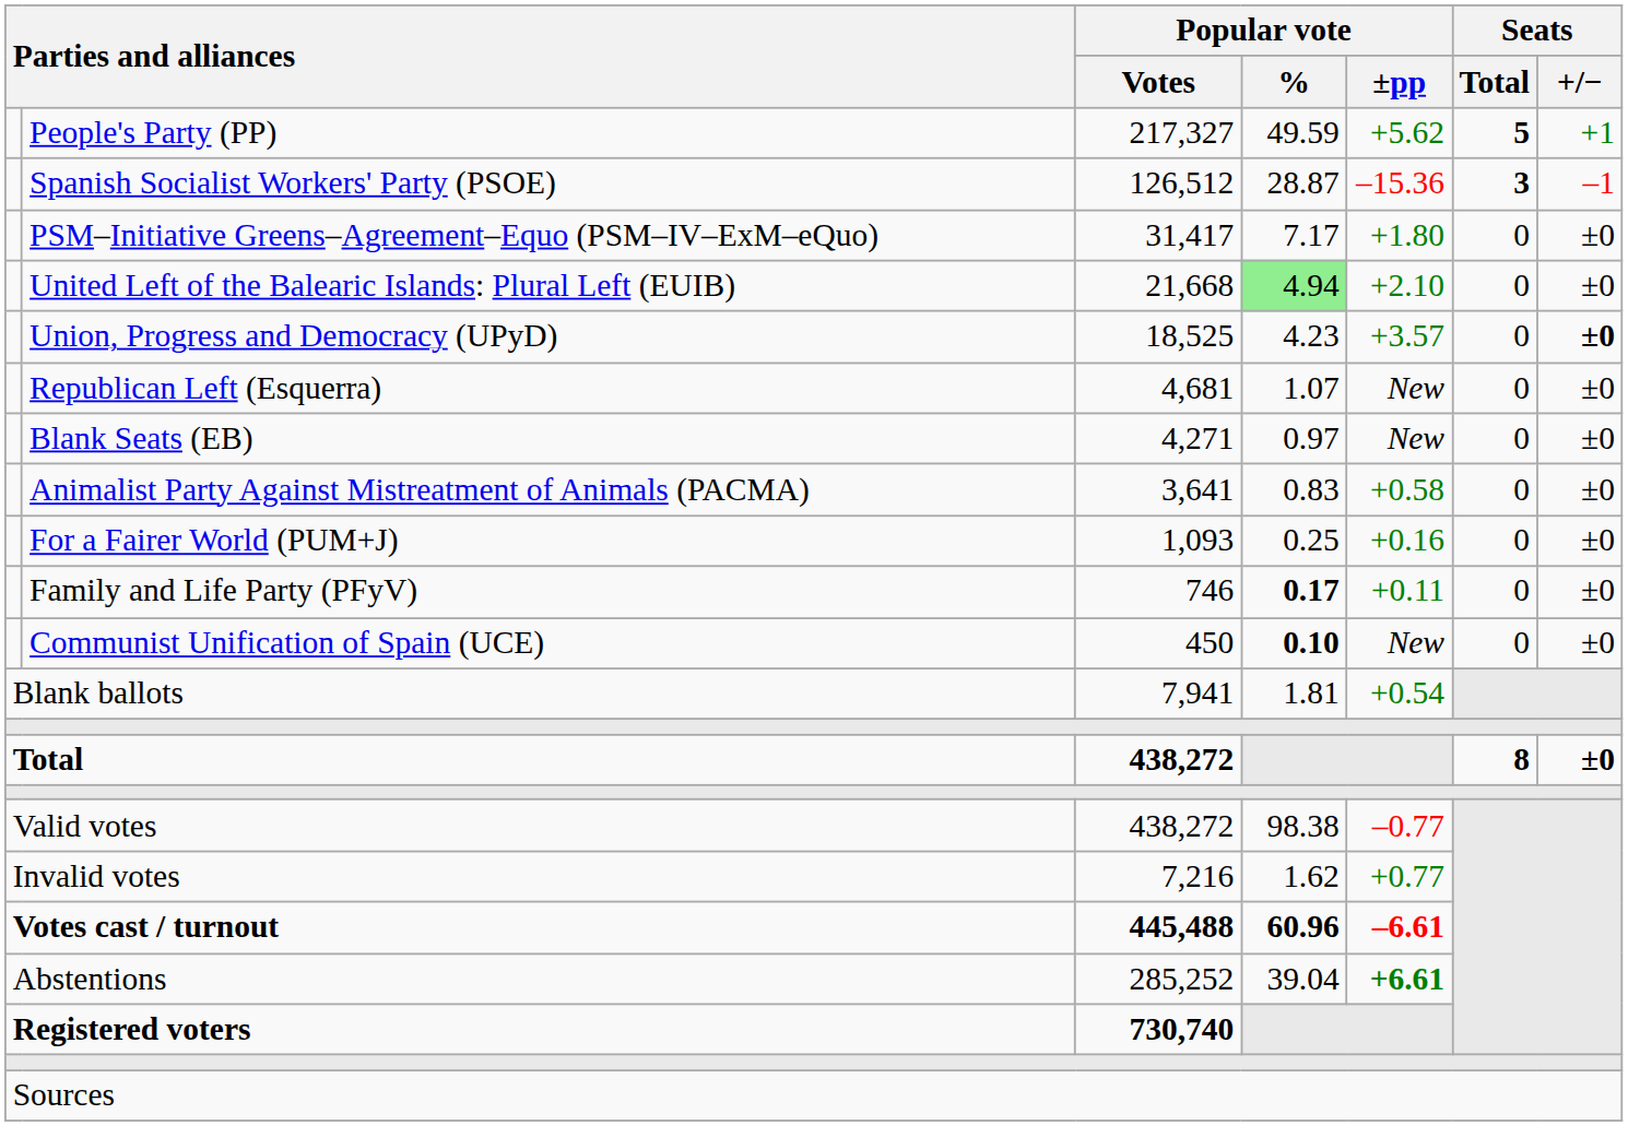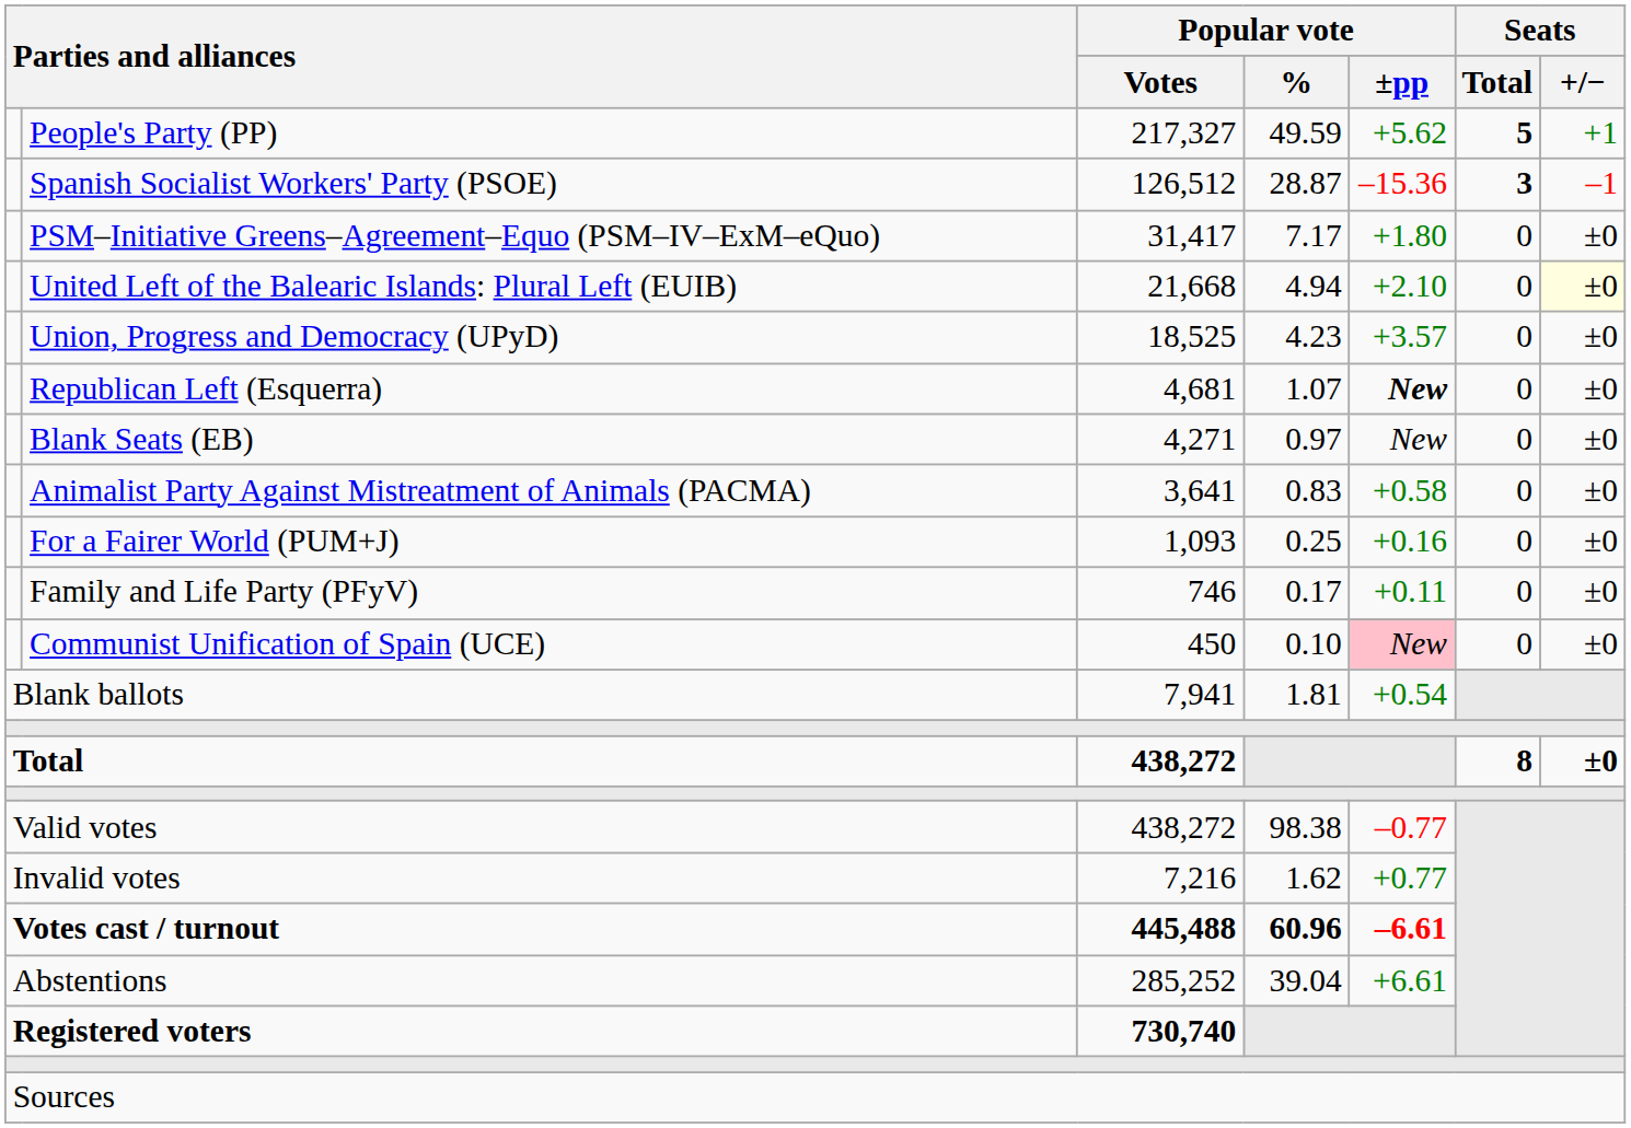 <table class="wikitable" style="text-align:right;">
 <tr>
 <th style="text-align:left;" rowspan="2" colspan="2" width="525">Parties and alliances</th>
 <th colspan="3">Popular vote</th>
 <th colspan="2">Seats</th>
 </tr>
 <tr>
 <th width="75">Votes</th>
 <th width="45">%</th>
 <th width="45">±<a href='#'>pp</a></th>
 <th width="35">Total</th>
 <th width="35">+/−</th>
 </tr>
 <tr>
 <td width="1" style="color:inherit;background:"></td>
 <td align="left"><a href='#'>People's Party</a> (PP)</td>
 <td>217,327</td>
 <td>49.59</td>
 <td style="color:green;">+5.62</td>
 <td><strong>5</strong></td>
 <td style="color:green;">+1</td>
 </tr>
 <tr>
 <td style="color:inherit;background:"></td>
 <td align="left"><a href='#'>Spanish Socialist Workers' Party</a> (PSOE)</td>
 <td>126,512</td>
 <td>28.87</td>
 <td style="color:red;">–15.36</td>
 <td><strong>3</strong></td>
 <td style="color:red;">–1</td>
 </tr>
 <tr>
 <td style="color:inherit;background:"></td>
 <td align="left"><a href='#'>PSM</a>–<a href='#'>Initiative Greens</a>–<a href='#'>Agreement</a>–<a href='#'>Equo</a> (PSM–IV–ExM–eQuo)</td>
 <td>31,417</td>
 <td>7.17</td>
 <td style="color:green;">+1.80</td>
 <td>0</td>
 <td>±0</td>
 </tr>
 <tr>
 <td style="color:inherit;background:"></td>
 <td align="left"><a href='#'>United Left of the Balearic Islands</a>: <a href='#'>Plural Left</a> (EUIB)</td>
 <td>21,668</td>
-<td style="background: lightgreen;">4.94</td>
+<td>4.94</td>
 <td style="color:green;">+2.10</td>
 <td>0</td>
-<td>±0</td>
+<td style="background: lightyellow;">±0</td>
 </tr>
 <tr>
 <td style="color:inherit;background:"></td>
 <td align="left"><a href='#'>Union, Progress and Democracy</a> (UPyD)</td>
 <td>18,525</td>
 <td>4.23</td>
 <td style="color:green;">+3.57</td>
 <td>0</td>
-<td><strong>±0</strong></td>
+<td>±0</td>
 </tr>
 <tr>
 <td style="color:inherit;background:"></td>
 <td align="left"><a href='#'>Republican Left</a> (Esquerra)</td>
 <td>4,681</td>
 <td>1.07</td>
-<td><em>New</em></td>
+<td><strong><em>New</em></strong></td>
 <td>0</td>
 <td>±0</td>
 </tr>
 <tr>
 <td style="color:inherit;background:"></td>
 <td align="left"><a href='#'>Blank Seats</a> (EB)</td>
 <td>4,271</td>
 <td>0.97</td>
 <td><em>New</em></td>
 <td>0</td>
 <td>±0</td>
 </tr>
 <tr>
 <td style="color:inherit;background:"></td>
 <td align="left"><a href='#'>Animalist Party Against Mistreatment of Animals</a> (PACMA)</td>
 <td>3,641</td>
 <td>0.83</td>
 <td style="color:green;">+0.58</td>
 <td>0</td>
 <td>±0</td>
 </tr>
 <tr>
 <td style="color:inherit;background:"></td>
 <td align="left"><a href='#'>For a Fairer World</a> (PUM+J)</td>
 <td>1,093</td>
 <td>0.25</td>
 <td style="color:green;">+0.16</td>
 <td>0</td>
 <td>±0</td>
 </tr>
 <tr>
 <td style="color:inherit;background:"></td>
 <td align="left">Family and Life Party (PFyV)</td>
 <td>746</td>
-<td><strong>0.17</strong></td>
+<td>0.17</td>
 <td style="color:green;">+0.11</td>
 <td>0</td>
 <td>±0</td>
 </tr>
 <tr>
 <td style="color:inherit;background:"></td>
 <td align="left"><a href='#'>Communist Unification of Spain</a> (UCE)</td>
 <td>450</td>
-<td><strong>0.10</strong></td>
-<td><em>New</em></td>
+<td>0.10</td>
+<td style="background: pink;"><em>New</em></td>
 <td>0</td>
 <td>±0</td>
 </tr>
 <tr>
 <td align="left" colspan="2">Blank ballots</td>
 <td>7,941</td>
 <td>1.81</td>
 <td style="color:green;">+0.54</td>
 <td bgcolor="#E9E9E9" colspan="2"></td>
 </tr>
 <tr>
 <td colspan="7" bgcolor="#E9E9E9"></td>
 </tr>
 <tr style="font-weight:bold;">
 <td align="left" colspan="2">Total</td>
 <td>438,272</td>
 <td bgcolor="#E9E9E9" colspan="2"></td>
 <td>8</td>
 <td>±0</td>
 </tr>
 <tr>
 <td colspan="7" bgcolor="#E9E9E9"></td>
 </tr>
 <tr>
 <td align="left" colspan="2">Valid votes</td>
 <td>438,272</td>
 <td>98.38</td>
 <td style="color:red;">–0.77</td>
 <td bgcolor="#E9E9E9" colspan="2" rowspan="5"></td>
 </tr>
 <tr>
 <td align="left" colspan="2">Invalid votes</td>
 <td>7,216</td>
 <td>1.62</td>
 <td style="color:green;">+0.77</td>
 </tr>
 <tr style="font-weight:bold;">
 <td align="left" colspan="2">Votes cast / turnout</td>
 <td>445,488</td>
 <td>60.96</td>
 <td style="color:red;">–6.61</td>
 </tr>
 <tr>
 <td align="left" colspan="2">Abstentions</td>
 <td>285,252</td>
 <td>39.04</td>
-<td style="color:green;"><strong>+6.61</strong></td>
+<td style="color:green;">+6.61</td>
 </tr>
 <tr style="font-weight:bold;">
 <td align="left" colspan="2">Registered voters</td>
 <td>730,740</td>
 <td bgcolor="#E9E9E9" colspan="2"></td>
 </tr>
 <tr>
 <td colspan="7" bgcolor="#E9E9E9"></td>
 </tr>
 <tr>
 <td align="left" colspan="7">Sources</td>
 </tr>
 </table>
